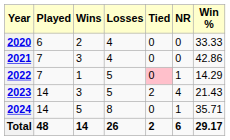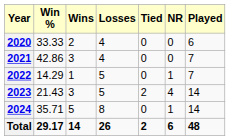 <table class="wikitable" style="width:25%;">
 <tr>
 <th style="background:#ffc;">Year</th>
-<th style="background:#ffc;">Played</th>
+<th style="background:#ffc;">Win %</th>
 <th style="background:#ffc;">Wins</th>
 <th style="background:#ffc;">Losses</th>
 <th style="background:#ffc;">Tied</th>
 <th style="background:#ffc;">NR</th>
-<th style="background:#ffc;">Win %</th>
+<th style="background:#ffc;">Played</th>
 </tr>
 <tr>
 <th><a href='#'>2020</a></th>
-<td>6</td>
+<td>33.33</td>
 <td>2</td>
 <td>4</td>
 <td>0</td>
 <td>0</td>
-<td>33.33</td>
+<td>6</td>
 </tr>
 <tr>
 <th><a href='#'>2021</a></th>
-<td>7</td>
+<td>42.86</td>
 <td>3</td>
 <td>4</td>
 <td>0</td>
 <td>0</td>
-<td>42.86</td>
+<td>7</td>
 </tr>
 <tr>
 <th><a href='#'>2022</a></th>
-<td>7</td>
+<td>14.29</td>
 <td>1</td>
 <td>5</td>
-<td style="background: pink;">0</td>
+<td>0</td>
 <td>1</td>
-<td>14.29</td>
+<td>7</td>
 </tr>
 <tr>
 <th><a href='#'>2023</a></th>
-<td>14</td>
+<td>21.43</td>
 <td>3</td>
 <td>5</td>
 <td>2</td>
 <td>4</td>
-<td>21.43</td>
+<td>14</td>
 </tr>
 <tr>
 <th><a href='#'>2024</a></th>
-<td>14</td>
+<td>35.71</td>
 <td>5</td>
 <td>8</td>
 <td>0</td>
 <td>1</td>
-<td>35.71</td>
+<td>14</td>
 </tr>
 <tr>
 <th>Total</th>
-<td><strong>48</strong></td>
+<td><strong>29.17</strong></td>
 <td><strong>14</strong></td>
 <td><strong>26</strong></td>
 <td><strong>2</strong></td>
 <td><strong>6</strong></td>
-<td><strong>29.17</strong></td>
+<td><strong>48</strong></td>
 </tr>
 </table>
